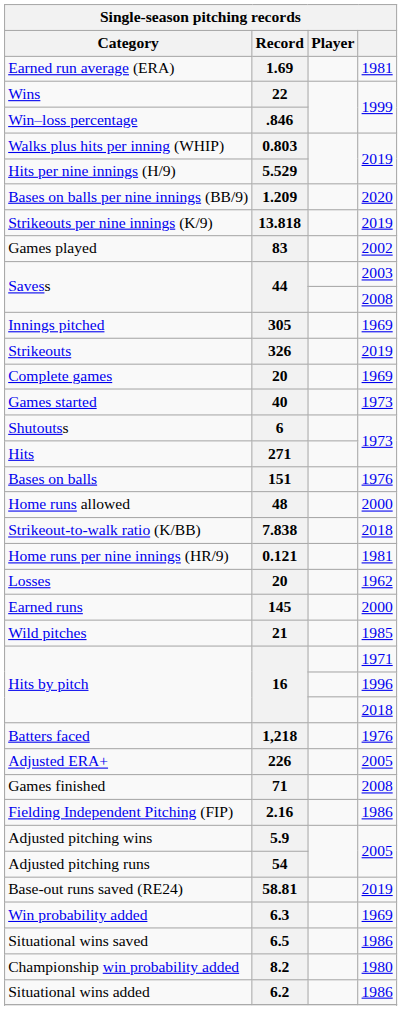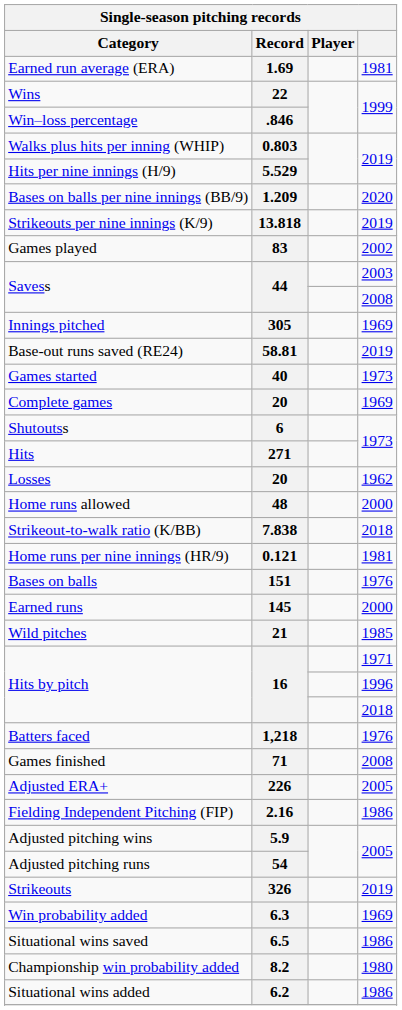 <table class="wikitable sortable" style="font-size: 90%">
 <tr>
 <th colspan=4><strong>Single-season pitching records</strong></th>
 </tr>
 <tr>
 <th>Category</th>
 <th>Record</th>
 <th align="center">Player</th>
 <th align="center"></th>
 </tr>
 <tr>
 <td><a href='#'>Earned run average</a> (ERA)</td>
 <th align="center">1.69</th>
 <td align="center"></td>
 <td align="center"><a href='#'>1981</a></td>
 </tr>
 <tr>
 <td><a href='#'>Wins</a></td>
 <th align="center">22</th>
 <td rowspan="2" align="center"></td>
 <td rowspan="2" align="center"><a href='#'>1999</a></td>
 </tr>
 <tr>
 <td><a href='#'>Win–loss percentage</a></td>
 <th align="center">.846</th>
 </tr>
 <tr>
 <td><a href='#'>Walks plus hits per inning</a> (WHIP)</td>
 <th align="center">0.803</th>
 <td rowspan="2" align="center"></td>
 <td rowspan="2" align="center"><a href='#'>2019</a></td>
 </tr>
 <tr>
 <td><a href='#'>Hits per nine innings</a> (H/9)</td>
 <th align="center">5.529</th>
 </tr>
 <tr>
 <td><a href='#'>Bases on balls per nine innings</a> (BB/9)</td>
 <th align="center">1.209</th>
 <td align="center"></td>
 <td align="center"><a href='#'>2020</a></td>
 </tr>
 <tr>
 <td><a href='#'>Strikeouts per nine innings</a> (K/9)</td>
 <th align="center">13.818</th>
 <td align="center"></td>
 <td align="center"><a href='#'>2019</a></td>
 </tr>
 <tr>
 <td>Games played</td>
 <th align="center">83</th>
 <td align="center"></td>
 <td align="center"><a href='#'>2002</a></td>
 </tr>
 <tr>
 <td rowspan="2"><a href='#'>Saves</a>s</td>
 <th rowspan="2" align="center">44</th>
 <td align="center"></td>
 <td align="center"><a href='#'>2003</a></td>
 </tr>
 <tr>
 <td align="center"></td>
 <td align="center"><a href='#'>2008</a></td>
 </tr>
 <tr>
 <td><a href='#'>Innings pitched</a></td>
 <th align="center">305</th>
 <td align="center"></td>
 <td align="center"><a href='#'>1969</a></td>
 </tr>
 <tr>
-<td><a href='#'>Strikeouts</a></td>
-<th align="center">326</th>
+<td>Base-out runs saved (RE24)</td>
+<th align="center">58.81</th>
 <td align="center"></td>
 <td align="center"><a href='#'>2019</a></td>
+</tr>
+<tr>
+<td><a href='#'>Games started</a></td>
+<th align="center">40</th>
+<td align="center"></td>
+<td align="center"><a href='#'>1973</a></td>
 </tr>
 <tr>
 <td><a href='#'>Complete games</a></td>
 <th align="center">20</th>
 <td align="center"></td>
 <td align="center"><a href='#'>1969</a></td>
-</tr>
-<tr>
-<td><a href='#'>Games started</a></td>
-<th align="center">40</th>
-<td align="center"></td>
-<td align="center"><a href='#'>1973</a></td>
 </tr>
 <tr>
 <td><a href='#'>Shutouts</a>s</td>
 <th align="center">6</th>
 <td align="center"></td>
 <td rowspan="2" align="center"><a href='#'>1973</a></td>
 </tr>
 <tr>
 <td><a href='#'>Hits</a></td>
 <th align="center">271</th>
 <td align="center"></td>
 </tr>
 <tr>
-<td><a href='#'>Bases on balls</a></td>
-<th align="center">151</th>
+<td><a href='#'>Losses</a></td>
+<th align="center">20</th>
 <td align="center"></td>
-<td align="center"><a href='#'>1976</a></td>
+<td align="center"><a href='#'>1962</a></td>
 </tr>
 <tr>
 <td><a href='#'>Home runs</a> allowed</td>
 <th align="center">48</th>
 <td align="center"></td>
 <td align="center"><a href='#'>2000</a></td>
 </tr>
 <tr>
 <td><a href='#'>Strikeout-to-walk ratio</a> (K/BB)</td>
 <th align="center">7.838</th>
 <td align="center"></td>
 <td align="center"><a href='#'>2018</a></td>
 </tr>
 <tr>
 <td><a href='#'>Home runs per nine innings</a> (HR/9)</td>
 <th align="center">0.121</th>
 <td align="center"></td>
 <td align="center"><a href='#'>1981</a></td>
 </tr>
 <tr>
-<td><a href='#'>Losses</a></td>
-<th align="center">20</th>
+<td><a href='#'>Bases on balls</a></td>
+<th align="center">151</th>
 <td align="center"></td>
-<td align="center"><a href='#'>1962</a></td>
+<td align="center"><a href='#'>1976</a></td>
 </tr>
 <tr>
 <td><a href='#'>Earned runs</a></td>
 <th align="center">145</th>
 <td align="center"></td>
 <td align="center"><a href='#'>2000</a></td>
 </tr>
 <tr>
 <td><a href='#'>Wild pitches</a></td>
 <th align="center">21</th>
 <td align="center"></td>
 <td align="center"><a href='#'>1985</a></td>
 </tr>
 <tr>
 <td rowspan="3"><a href='#'>Hits by pitch</a></td>
 <th rowspan="3" align="center">16</th>
 <td align="center"></td>
 <td align="center"><a href='#'>1971</a></td>
 </tr>
 <tr>
 <td align="center"></td>
 <td align="center"><a href='#'>1996</a></td>
 </tr>
 <tr>
 <td align="center"></td>
 <td align="center"><a href='#'>2018</a></td>
 </tr>
 <tr>
 <td><a href='#'>Batters faced</a></td>
 <th align="center">1,218</th>
 <td align="center"></td>
 <td align="center"><a href='#'>1976</a></td>
 </tr>
 <tr>
+<td>Games finished</td>
+<th align="center">71</th>
+<td align="center"></td>
+<td align="center"><a href='#'>2008</a></td>
+</tr>
+<tr>
 <td><a href='#'>Adjusted ERA+</a></td>
 <th align="center">226</th>
 <td align="center"></td>
 <td align="center"><a href='#'>2005</a></td>
-</tr>
-<tr>
-<td>Games finished</td>
-<th align="center">71</th>
-<td align="center"></td>
-<td align="center"><a href='#'>2008</a></td>
 </tr>
 <tr>
 <td><a href='#'>Fielding Independent Pitching</a> (FIP)</td>
 <th align="center">2.16</th>
 <td align="center"></td>
 <td align="center"><a href='#'>1986</a></td>
 </tr>
 <tr>
 <td>Adjusted pitching wins</td>
 <th align="center">5.9</th>
 <td rowspan="2" align="center"></td>
 <td rowspan="2" align="center"><a href='#'>2005</a></td>
 </tr>
 <tr>
 <td>Adjusted pitching runs</td>
 <th align="center">54</th>
 </tr>
 <tr>
-<td>Base-out runs saved (RE24)</td>
-<th align="center">58.81</th>
+<td><a href='#'>Strikeouts</a></td>
+<th align="center">326</th>
 <td align="center"></td>
 <td align="center"><a href='#'>2019</a></td>
 </tr>
 <tr>
 <td><a href='#'>Win probability added</a></td>
 <th align="center">6.3</th>
 <td align="center"></td>
 <td align="center"><a href='#'>1969</a></td>
 </tr>
 <tr>
 <td>Situational wins saved</td>
 <th align="center">6.5</th>
 <td align="center"></td>
 <td align="center"><a href='#'>1986</a></td>
 </tr>
 <tr>
 <td>Championship <a href='#'>win probability added</a></td>
 <th align="center">8.2</th>
 <td align="center"></td>
 <td align="center"><a href='#'>1980</a></td>
 </tr>
 <tr>
 <td>Situational wins added</td>
 <th align="center">6.2</th>
 <td align="center"></td>
 <td align="center"><a href='#'>1986</a></td>
 </tr>
 <tr>
 </tr>
 <tr>
 </tr>
 </table>
